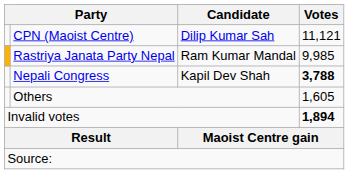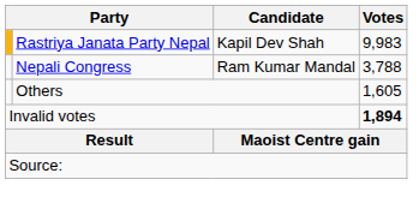 <table class="wikitable">
 <tr>
 <th colspan="2">Party</th>
 <th>Candidate</th>
 <th>Votes</th>
 </tr>
 <tr>
-<td style="background-color:"></td>
-<td><a href='#'>CPN (Maoist Centre)</a></td>
-<td><a href='#'>Dilip Kumar Sah</a></td>
-<td>11,121</td>
-</tr>
-<tr>
 <td style="background-color:#ffb300"></td>
 <td><a href='#'>Rastriya Janata Party Nepal</a></td>
-<td>Ram Kumar Mandal</td>
-<td>9,985</td>
+<td>Kapil Dev Shah</td>
+<td>9,983</td>
 </tr>
 <tr>
 <td style="background-color:"></td>
 <td><a href='#'>Nepali Congress</a></td>
-<td>Kapil Dev Shah</td>
-<td><strong>3,788</strong></td>
+<td>Ram Kumar Mandal</td>
+<td>3,788</td>
 </tr>
 <tr>
 <td></td>
 <td colspan="2">Others</td>
 <td>1,605</td>
 </tr>
 <tr>
 <td colspan="3">Invalid votes</td>
 <td><strong>1,894</strong></td>
 </tr>
 <tr>
 <th colspan="2">Result</th>
 <th colspan="2">Maoist Centre gain</th>
 </tr>
 <tr>
 <td colspan="4">Source: </td>
 </tr>
 </table>
